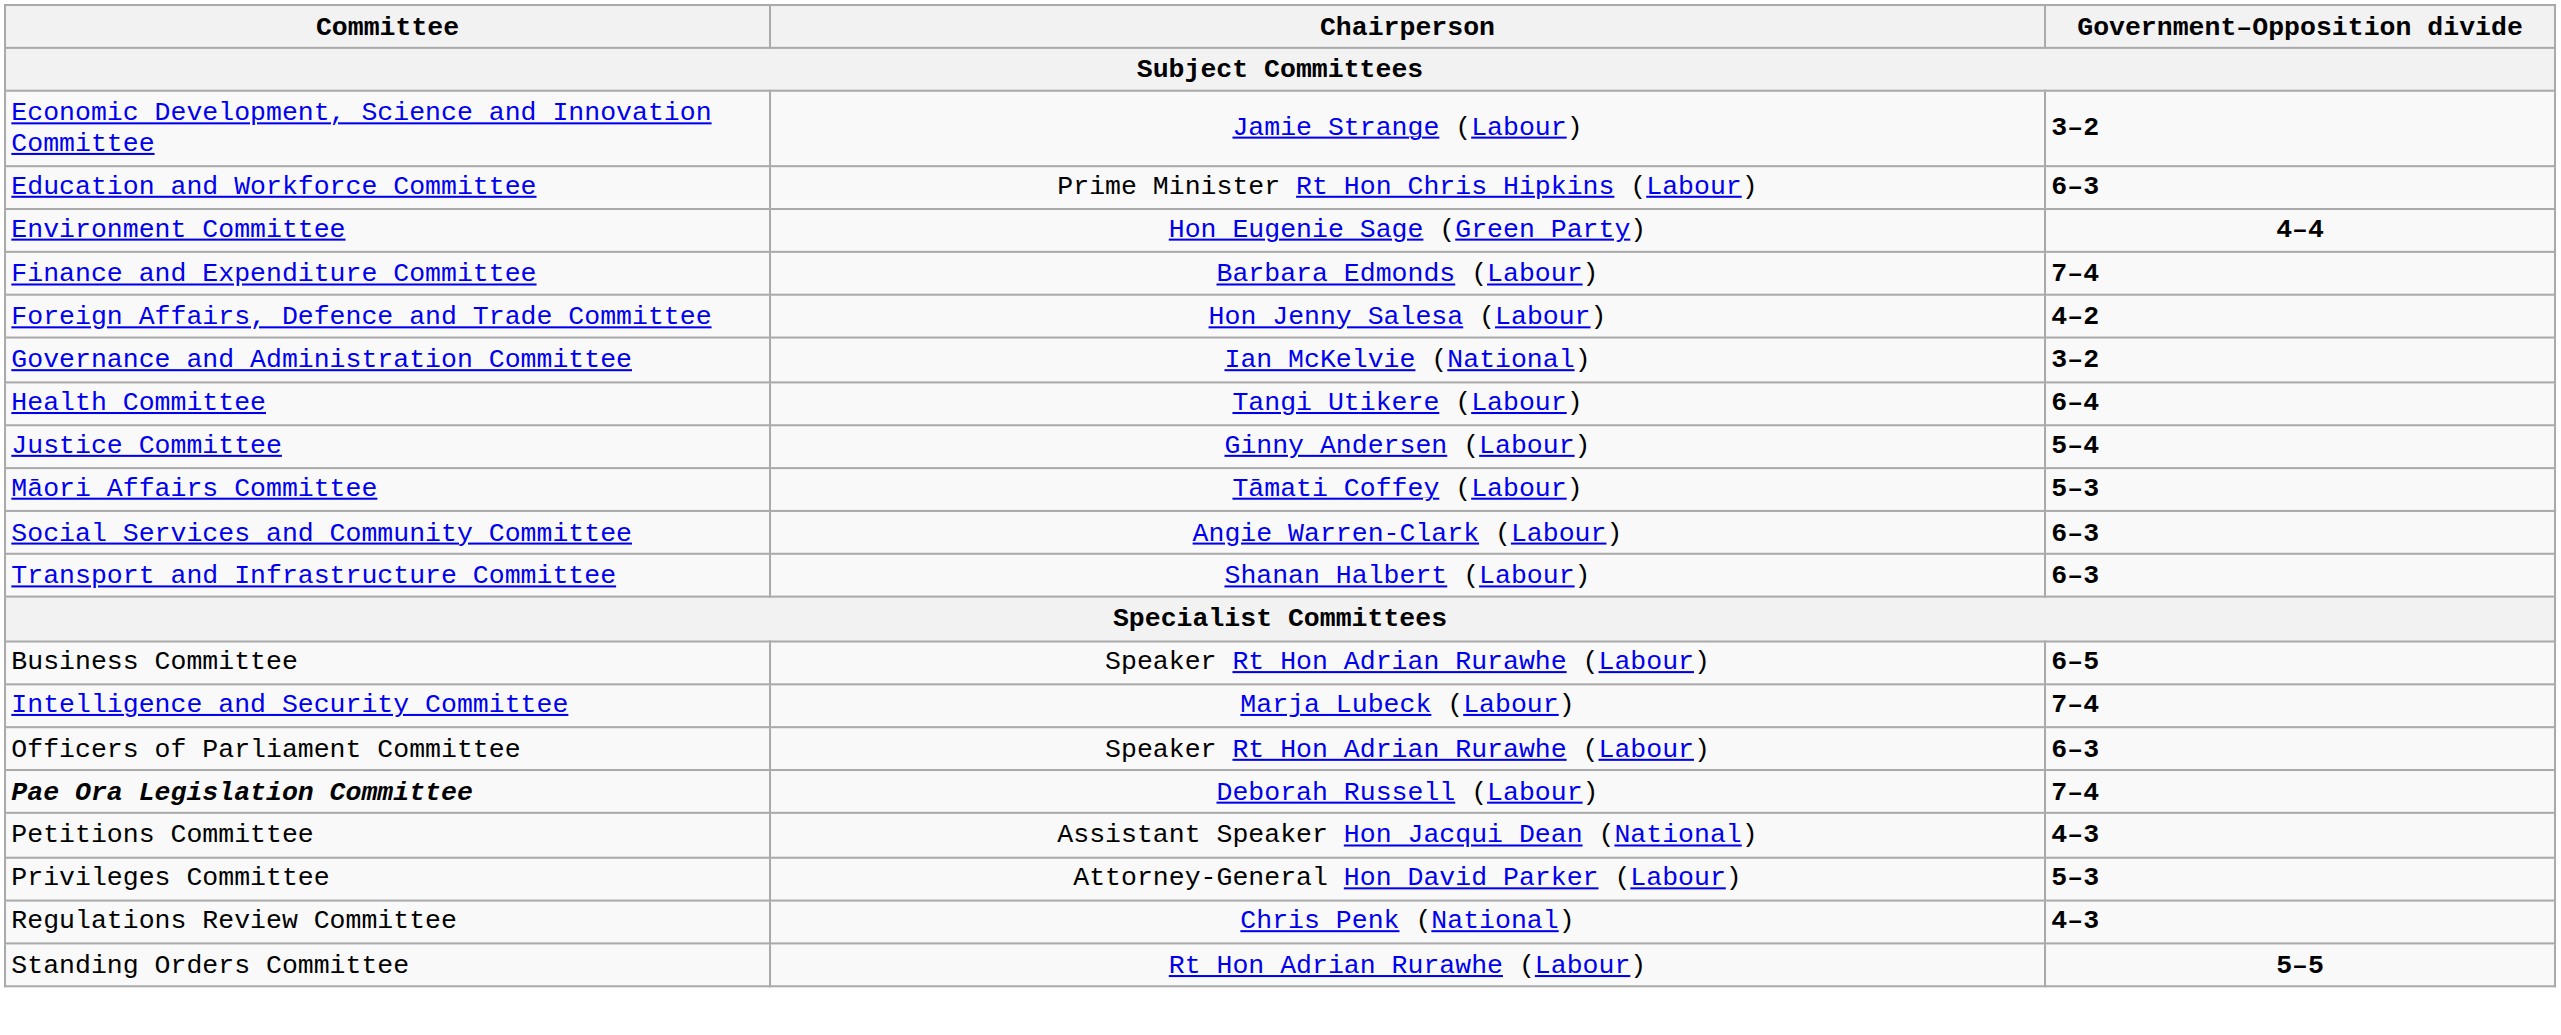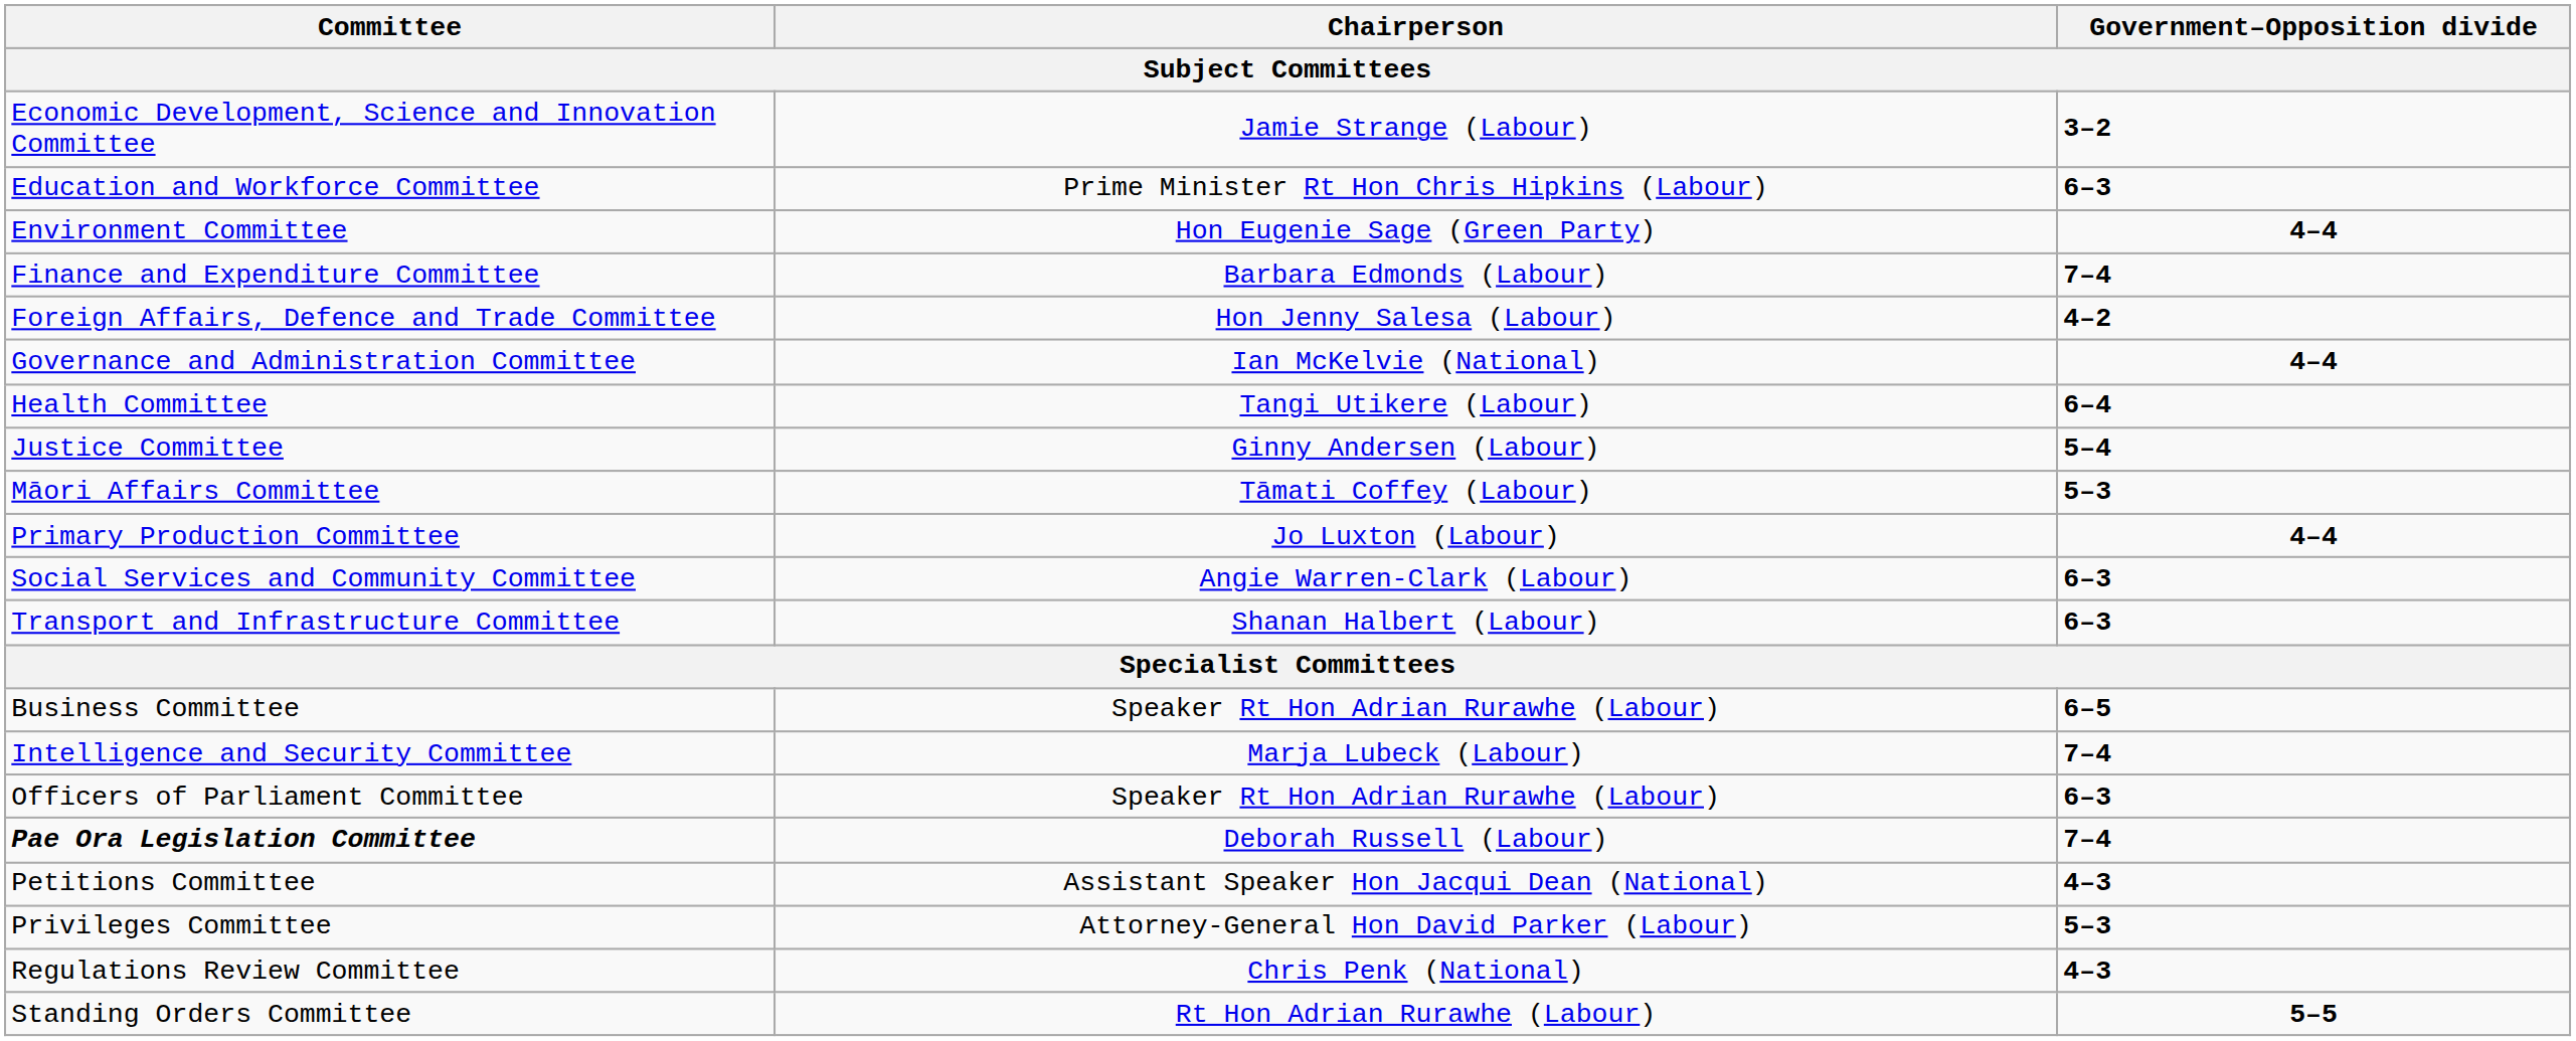 <table class="wikitable">
 <tr>
 <th style="width:30%;">Committee</th>
 <th>Chairperson</th>
 <th style="width:20%;">Government–Opposition divide</th>
 </tr>
 <tr>
 <th colspan="3">Subject Committees</th>
 </tr>
 <tr id="Economic Development, Science and Innovation Committee">
 <td><a href='#'>Economic Development, Science and Innovation Committee</a></td>
 <td style="text-align:center;background:"><a href='#'>Jamie Strange</a> (<a href='#'>Labour</a>)</td>
 <td style="background:"><strong>3–2</strong></td>
 </tr>
 <tr id="Education and Workforce Committee">
 <td><a href='#'>Education and Workforce Committee</a></td>
 <td style="text-align:center;background:">Prime Minister <a href='#'>Rt Hon Chris Hipkins</a> (<a href='#'>Labour</a>)</td>
 <td style="background:"><strong>6–3</strong></td>
 </tr>
 <tr id="Environment Committee">
 <td><a href='#'>Environment Committee</a></td>
 <td style="text-align:center;background:"><a href='#'>Hon Eugenie Sage</a> (<a href='#'>Green Party</a>)</td>
 <td style="text-align:center;"><strong>4–4</strong></td>
 </tr>
 <tr id="Finance and Expenditure Committee">
 <td><a href='#'>Finance and Expenditure Committee</a></td>
 <td style="text-align:center;background:"><a href='#'>Barbara Edmonds</a> (<a href='#'>Labour</a>)</td>
 <td style="background:"><strong>7–4</strong></td>
 </tr>
 <tr id="Foreign Affairs, Defence and Trade Committee">
 <td><a href='#'>Foreign Affairs, Defence and Trade Committee</a></td>
 <td style="text-align:center;background:"><a href='#'>Hon Jenny Salesa</a> (<a href='#'>Labour</a>)</td>
 <td style="background:"><strong>4–2</strong></td>
 </tr>
 <tr id="Governance and Administration Committee">
 <td><a href='#'>Governance and Administration Committee</a></td>
 <td style="text-align:center;background:"><a href='#'>Ian McKelvie</a> (<a href='#'>National</a>)</td>
-<td style="background:"><strong>3–2</strong></td>
+<td style="text-align:center;"><strong>4–4</strong></td>
 </tr>
 <tr id="Health Committee">
 <td><a href='#'>Health Committee</a></td>
 <td style="text-align:center;background:"><a href='#'>Tangi Utikere</a> (<a href='#'>Labour</a>)</td>
 <td style="background:"><strong>6–4</strong></td>
 </tr>
 <tr id="Justice Committee">
 <td><a href='#'>Justice Committee</a></td>
 <td style="text-align:center;background:"><a href='#'>Ginny Andersen</a> (<a href='#'>Labour</a>)</td>
 <td style="background:"><strong>5–4</strong></td>
 </tr>
 <tr id="Māori Affairs Committee">
 <td><a href='#'>Māori Affairs Committee</a></td>
 <td style="text-align:center;background:"><a href='#'>Tāmati Coffey</a> (<a href='#'>Labour</a>)</td>
 <td style="background:"><strong>5–3</strong></td>
+</tr>
+<tr id="Primary Production Committee">
+<td><a href='#'>Primary Production Committee</a></td>
+<td style="text-align:center;background:"><a href='#'>Jo Luxton</a> (<a href='#'>Labour</a>)</td>
+<td style="text-align:center;"><strong>4–4</strong></td>
 </tr>
 <tr id="Social Services and Community Committee">
 <td><a href='#'>Social Services and Community Committee</a></td>
 <td style="text-align:center;background:"><a href='#'>Angie Warren-Clark</a> (<a href='#'>Labour</a>)</td>
 <td style="background:"><strong>6–3</strong></td>
 </tr>
 <tr id="Transport and Infrastructure Committee">
 <td><a href='#'>Transport and Infrastructure Committee</a></td>
 <td style="text-align:center;background:"><a href='#'>Shanan Halbert</a> (<a href='#'>Labour</a>)</td>
 <td style="background:"><strong>6–3</strong></td>
 </tr>
 <tr>
 <th colspan="3">Specialist Committees</th>
 </tr>
 <tr id="Business Committee">
 <td>Business Committee</td>
 <td style="text-align:center;background:">Speaker <a href='#'>Rt Hon Adrian Rurawhe</a> (<a href='#'>Labour</a>)</td>
 <td style="background:"><strong>6–5</strong></td>
 </tr>
 <tr id="Intelligence and Security Committee">
 <td><a href='#'>Intelligence and Security Committee</a></td>
 <td style="text-align:center;background:"><a href='#'>Marja Lubeck</a> (<a href='#'>Labour</a>)</td>
 <td style="background:"><strong>7–4</strong></td>
 </tr>
 <tr id="Officers of Parliament Committee ">
 <td>Officers of Parliament Committee</td>
 <td style="text-align:center;background:">Speaker <a href='#'>Rt Hon Adrian Rurawhe</a> (<a href='#'>Labour</a>)</td>
 <td style="background:"><strong>6–3</strong></td>
 </tr>
 <tr id="Pae Ora Legislation Committee">
 <td><strong><em>Pae Ora Legislation Committee</em></strong></td>
 <td style="text-align:center;background:"><a href='#'>Deborah Russell</a> (<a href='#'>Labour</a>)</td>
 <td style="background:"><strong>7–4</strong></td>
 </tr>
 <tr id="Petitions Committee">
 <td>Petitions Committee</td>
 <td style="text-align:center;background:">Assistant Speaker <a href='#'>Hon Jacqui Dean</a> (<a href='#'>National</a>)</td>
 <td style="background:"><strong>4–3</strong></td>
 </tr>
 <tr id="Privileges Committee">
 <td>Privileges Committee</td>
 <td style="text-align:center;background:">Attorney-General <a href='#'>Hon David Parker</a> (<a href='#'>Labour</a>)</td>
 <td style="background:"><strong>5–3</strong></td>
 </tr>
 <tr id="Regulations Review Committee">
 <td>Regulations Review Committee</td>
 <td style="text-align:center;background:"><a href='#'>Chris Penk</a> (<a href='#'>National</a>)</td>
 <td style="background:"><strong>4–3</strong></td>
 </tr>
 <tr id="Standing Orders Committee">
 <td>Standing Orders Committee</td>
 <td style="text-align:center;background:"><a href='#'>Rt Hon Adrian Rurawhe</a> (<a href='#'>Labour</a>)</td>
 <td style="text-align:center;"><strong>5–5</strong></td>
 </tr>
 </table>
